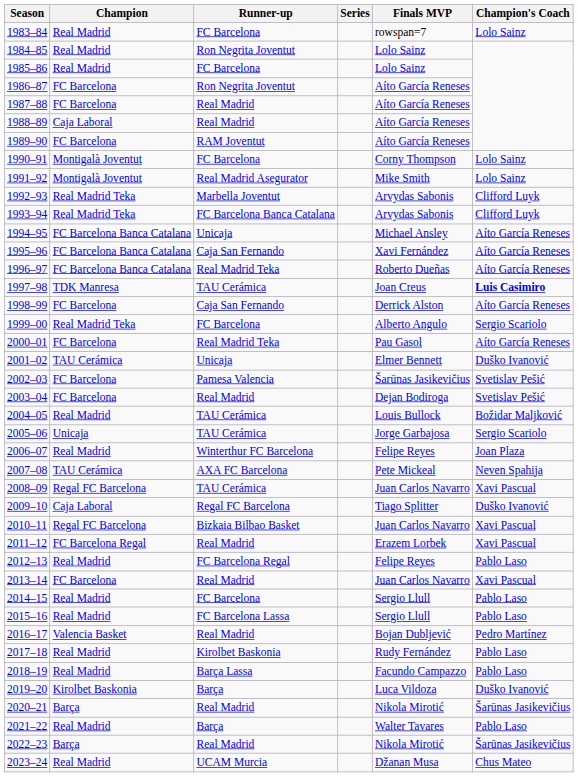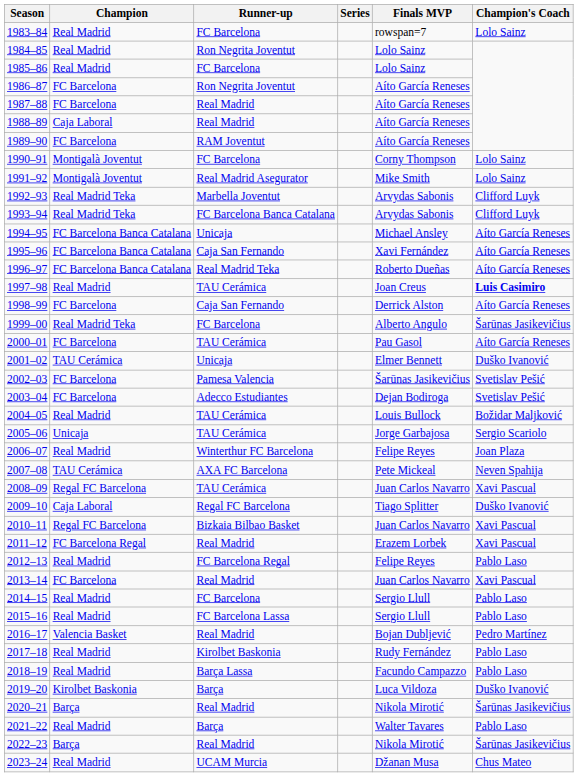 <table class="wikitable">
 <tr>
 <th>Season</th>
 <th>Champion</th>
 <th>Runner-up</th>
 <th>Series</th>
 <th>Finals MVP</th>
 <th>Champion's Coach</th>
 </tr>
 <tr>
 <td><a href='#'>1983–84</a></td>
 <td><a href='#'>Real Madrid</a></td>
 <td><a href='#'>FC Barcelona</a></td>
 <td></td>
 <td>rowspan=7 </td>
 <td> <a href='#'>Lolo Sainz</a></td>
 </tr>
 <tr>
 <td><a href='#'>1984–85</a></td>
 <td><a href='#'>Real Madrid</a></td>
 <td><a href='#'>Ron Negrita Joventut</a></td>
 <td></td>
 <td> <a href='#'>Lolo Sainz</a></td>
 </tr>
 <tr>
 <td><a href='#'>1985–86</a></td>
 <td><a href='#'>Real Madrid</a></td>
 <td><a href='#'>FC Barcelona</a></td>
 <td></td>
 <td> <a href='#'>Lolo Sainz</a></td>
 </tr>
 <tr>
 <td><a href='#'>1986–87</a></td>
 <td><a href='#'>FC Barcelona</a></td>
 <td><a href='#'>Ron Negrita Joventut</a></td>
 <td></td>
 <td> <a href='#'>Aíto García Reneses</a></td>
 </tr>
 <tr>
 <td><a href='#'>1987–88</a></td>
 <td><a href='#'>FC Barcelona</a></td>
 <td><a href='#'>Real Madrid</a></td>
 <td></td>
 <td> <a href='#'>Aíto García Reneses</a></td>
 </tr>
 <tr>
 <td><a href='#'>1988–89</a></td>
 <td><a href='#'>Caja Laboral</a></td>
 <td><a href='#'>Real Madrid</a></td>
 <td></td>
 <td> <a href='#'>Aíto García Reneses</a></td>
 </tr>
 <tr>
 <td><a href='#'>1989–90</a></td>
 <td><a href='#'>FC Barcelona</a></td>
 <td><a href='#'>RAM Joventut</a></td>
 <td></td>
 <td> <a href='#'>Aíto García Reneses</a></td>
 </tr>
 <tr>
 <td><a href='#'>1990–91</a></td>
 <td><a href='#'>Montigalà Joventut</a></td>
 <td><a href='#'>FC Barcelona</a></td>
 <td></td>
 <td> <a href='#'>Corny Thompson</a></td>
 <td> <a href='#'>Lolo Sainz</a></td>
 </tr>
 <tr>
 <td><a href='#'>1991–92</a></td>
 <td><a href='#'>Montigalà Joventut</a></td>
 <td><a href='#'>Real Madrid Asegurator</a></td>
 <td></td>
 <td> <a href='#'>Mike Smith</a></td>
 <td> <a href='#'>Lolo Sainz</a></td>
 </tr>
 <tr>
 <td><a href='#'>1992–93</a></td>
 <td><a href='#'>Real Madrid Teka</a></td>
 <td><a href='#'>Marbella Joventut</a></td>
 <td></td>
 <td> <a href='#'>Arvydas Sabonis</a></td>
 <td> <a href='#'>Clifford Luyk</a></td>
 </tr>
 <tr>
 <td><a href='#'>1993–94</a></td>
 <td><a href='#'>Real Madrid Teka</a></td>
 <td><a href='#'>FC Barcelona Banca Catalana</a></td>
 <td></td>
 <td> <a href='#'>Arvydas Sabonis</a></td>
 <td> <a href='#'>Clifford Luyk</a></td>
 </tr>
 <tr>
 <td><a href='#'>1994–95</a></td>
 <td><a href='#'>FC Barcelona Banca Catalana</a></td>
 <td><a href='#'>Unicaja</a></td>
 <td></td>
 <td> <a href='#'>Michael Ansley</a></td>
 <td> <a href='#'>Aíto García Reneses</a></td>
 </tr>
 <tr>
 <td><a href='#'>1995–96</a></td>
 <td><a href='#'>FC Barcelona Banca Catalana</a></td>
 <td><a href='#'>Caja San Fernando</a></td>
 <td></td>
 <td> <a href='#'>Xavi Fernández</a></td>
 <td> <a href='#'>Aíto García Reneses</a></td>
 </tr>
 <tr>
 <td><a href='#'>1996–97</a></td>
 <td><a href='#'>FC Barcelona Banca Catalana</a></td>
 <td><a href='#'>Real Madrid Teka</a></td>
 <td></td>
 <td> <a href='#'>Roberto Dueñas</a></td>
 <td> <a href='#'>Aíto García Reneses</a></td>
 </tr>
 <tr>
 <td><a href='#'>1997–98</a></td>
-<td><a href='#'>TDK Manresa</a></td>
+<td><a href='#'>Real Madrid</a></td>
 <td><a href='#'>TAU Cerámica</a></td>
 <td></td>
 <td> <a href='#'>Joan Creus</a></td>
 <td><strong> <a href='#'>Luis Casimiro</a></strong></td>
 </tr>
 <tr>
 <td><a href='#'>1998–99</a></td>
 <td><a href='#'>FC Barcelona</a></td>
 <td><a href='#'>Caja San Fernando</a></td>
 <td></td>
 <td> <a href='#'>Derrick Alston</a></td>
 <td> <a href='#'>Aíto García Reneses</a></td>
 </tr>
 <tr>
 <td><a href='#'>1999–00</a></td>
 <td><a href='#'>Real Madrid Teka</a></td>
 <td><a href='#'>FC Barcelona</a></td>
 <td></td>
 <td> <a href='#'>Alberto Angulo</a></td>
-<td> <a href='#'>Sergio Scariolo</a></td>
+<td> <a href='#'>Šarūnas Jasikevičius</a></td>
 </tr>
 <tr>
 <td><a href='#'>2000–01</a></td>
 <td><a href='#'>FC Barcelona</a></td>
-<td><a href='#'>Real Madrid Teka</a></td>
+<td><a href='#'>TAU Cerámica</a></td>
 <td></td>
 <td> <a href='#'>Pau Gasol</a></td>
 <td> <a href='#'>Aíto García Reneses</a></td>
 </tr>
 <tr>
 <td><a href='#'>2001–02</a></td>
 <td><a href='#'>TAU Cerámica</a></td>
 <td><a href='#'>Unicaja</a></td>
 <td></td>
 <td> <a href='#'>Elmer Bennett</a></td>
 <td> <a href='#'>Duško Ivanović</a></td>
 </tr>
 <tr>
 <td><a href='#'>2002–03</a></td>
 <td><a href='#'>FC Barcelona</a></td>
 <td><a href='#'>Pamesa Valencia</a></td>
 <td></td>
 <td> <a href='#'>Šarūnas Jasikevičius</a></td>
 <td> <a href='#'>Svetislav Pešić</a></td>
 </tr>
 <tr>
 <td><a href='#'>2003–04</a></td>
 <td><a href='#'>FC Barcelona</a></td>
-<td><a href='#'>Real Madrid</a></td>
+<td><a href='#'>Adecco Estudiantes</a></td>
 <td></td>
 <td> <a href='#'>Dejan Bodiroga</a></td>
 <td> <a href='#'>Svetislav Pešić</a></td>
 </tr>
 <tr>
 <td><a href='#'>2004–05</a></td>
 <td><a href='#'>Real Madrid</a></td>
 <td><a href='#'>TAU Cerámica</a></td>
 <td></td>
 <td> <a href='#'>Louis Bullock</a></td>
 <td> <a href='#'>Božidar Maljković</a></td>
 </tr>
 <tr>
 <td><a href='#'>2005–06</a></td>
 <td><a href='#'>Unicaja</a></td>
 <td><a href='#'>TAU Cerámica</a></td>
 <td></td>
 <td> <a href='#'>Jorge Garbajosa</a></td>
 <td> <a href='#'>Sergio Scariolo</a></td>
 </tr>
 <tr>
 <td><a href='#'>2006–07</a></td>
 <td><a href='#'>Real Madrid</a></td>
 <td><a href='#'>Winterthur FC Barcelona</a></td>
 <td></td>
 <td> <a href='#'>Felipe Reyes</a></td>
 <td> <a href='#'>Joan Plaza</a></td>
 </tr>
 <tr>
 <td><a href='#'>2007–08</a></td>
 <td><a href='#'>TAU Cerámica</a></td>
 <td><a href='#'>AXA FC Barcelona</a></td>
 <td></td>
 <td> <a href='#'>Pete Mickeal</a></td>
 <td> <a href='#'>Neven Spahija</a></td>
 </tr>
 <tr>
 <td><a href='#'>2008–09</a></td>
 <td><a href='#'>Regal FC Barcelona</a></td>
 <td><a href='#'>TAU Cerámica</a></td>
 <td></td>
 <td> <a href='#'>Juan Carlos Navarro</a></td>
 <td> <a href='#'>Xavi Pascual</a></td>
 </tr>
 <tr>
 <td><a href='#'>2009–10</a></td>
 <td><a href='#'>Caja Laboral</a></td>
 <td><a href='#'>Regal FC Barcelona</a></td>
 <td></td>
 <td> <a href='#'>Tiago Splitter</a></td>
 <td> <a href='#'>Duško Ivanović</a></td>
 </tr>
 <tr>
 <td><a href='#'>2010–11</a></td>
 <td><a href='#'>Regal FC Barcelona</a></td>
 <td><a href='#'>Bizkaia Bilbao Basket</a></td>
 <td></td>
 <td> <a href='#'>Juan Carlos Navarro</a></td>
 <td> <a href='#'>Xavi Pascual</a></td>
 </tr>
 <tr>
 <td><a href='#'>2011–12</a></td>
 <td><a href='#'>FC Barcelona Regal</a></td>
 <td><a href='#'>Real Madrid</a></td>
 <td></td>
 <td> <a href='#'>Erazem Lorbek</a></td>
 <td> <a href='#'>Xavi Pascual</a></td>
 </tr>
 <tr>
 <td><a href='#'>2012–13</a></td>
 <td><a href='#'>Real Madrid</a></td>
 <td><a href='#'>FC Barcelona Regal</a></td>
 <td></td>
 <td> <a href='#'>Felipe Reyes</a></td>
 <td> <a href='#'>Pablo Laso</a></td>
 </tr>
 <tr>
 <td><a href='#'>2013–14</a></td>
 <td><a href='#'>FC Barcelona</a></td>
 <td><a href='#'>Real Madrid</a></td>
 <td></td>
 <td> <a href='#'>Juan Carlos Navarro</a></td>
 <td> <a href='#'>Xavi Pascual</a></td>
 </tr>
 <tr>
 <td><a href='#'>2014–15</a></td>
 <td><a href='#'>Real Madrid</a></td>
 <td><a href='#'>FC Barcelona</a></td>
 <td></td>
 <td> <a href='#'>Sergio Llull</a></td>
 <td> <a href='#'>Pablo Laso</a></td>
 </tr>
 <tr>
 <td><a href='#'>2015–16</a></td>
 <td><a href='#'>Real Madrid</a></td>
 <td><a href='#'>FC Barcelona Lassa</a></td>
 <td></td>
 <td> <a href='#'>Sergio Llull</a></td>
 <td> <a href='#'>Pablo Laso</a></td>
 </tr>
 <tr>
 <td><a href='#'>2016–17</a></td>
 <td><a href='#'>Valencia Basket</a></td>
 <td><a href='#'>Real Madrid</a></td>
 <td></td>
 <td> <a href='#'>Bojan Dubljević</a></td>
 <td> <a href='#'>Pedro Martínez</a></td>
 </tr>
 <tr>
 <td><a href='#'>2017–18</a></td>
 <td><a href='#'>Real Madrid</a></td>
 <td><a href='#'>Kirolbet Baskonia</a></td>
 <td></td>
 <td> <a href='#'>Rudy Fernández</a></td>
 <td> <a href='#'>Pablo Laso</a></td>
 </tr>
 <tr>
 <td><a href='#'>2018–19</a></td>
 <td><a href='#'>Real Madrid</a></td>
 <td><a href='#'>Barça Lassa</a></td>
 <td></td>
 <td> <a href='#'>Facundo Campazzo</a></td>
 <td> <a href='#'>Pablo Laso</a></td>
 </tr>
 <tr>
 <td><a href='#'>2019–20</a></td>
 <td><a href='#'>Kirolbet Baskonia</a></td>
 <td><a href='#'>Barça</a></td>
 <td></td>
 <td> <a href='#'>Luca Vildoza</a></td>
 <td> <a href='#'>Duško Ivanović</a></td>
 </tr>
 <tr>
 <td><a href='#'>2020–21</a></td>
 <td><a href='#'>Barça</a></td>
 <td><a href='#'>Real Madrid</a></td>
 <td></td>
 <td> <a href='#'>Nikola Mirotić</a></td>
 <td> <a href='#'>Šarūnas Jasikevičius</a></td>
 </tr>
 <tr>
 <td><a href='#'>2021–22</a></td>
 <td><a href='#'>Real Madrid</a></td>
 <td><a href='#'>Barça</a></td>
 <td></td>
 <td> <a href='#'>Walter Tavares</a></td>
 <td> <a href='#'>Pablo Laso</a></td>
 </tr>
 <tr>
 <td><a href='#'>2022–23</a></td>
 <td><a href='#'>Barça</a></td>
 <td><a href='#'>Real Madrid</a></td>
 <td></td>
 <td> <a href='#'>Nikola Mirotić</a></td>
 <td> <a href='#'>Šarūnas Jasikevičius</a></td>
 </tr>
 <tr>
 <td><a href='#'>2023–24</a></td>
 <td><a href='#'>Real Madrid</a></td>
 <td><a href='#'>UCAM Murcia</a></td>
 <td></td>
 <td> <a href='#'>Džanan Musa</a></td>
 <td> <a href='#'>Chus Mateo</a></td>
 </tr>
 </table>
